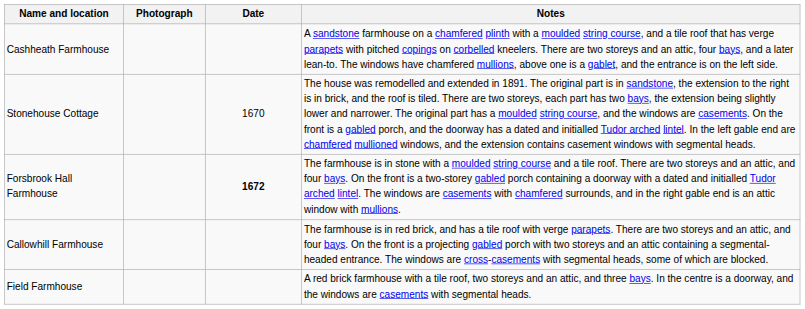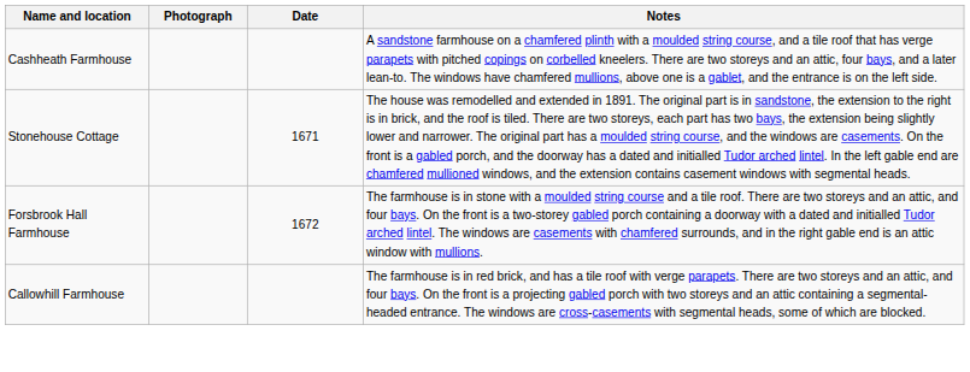 <table class="wikitable sortable plainrowheaders" style="width:100%;border:0px;text-align:left;line-height:150%;">
 <tr>
 <th scope="col"  style="width:150px">Name and location</th>
 <th scope="col"  style="width:100px" class="unsortable">Photograph</th>
 <th scope="col"  style="width:120px">Date</th>
 <th scope="col"  style="width:650px" class="unsortable">Notes</th>
 </tr>
 <tr>
 <td>Cashheath Farmhouse<br><small></small></td>
 <td></td>
 <td align="center"></td>
 <td>A <a href='#'>sandstone</a> farmhouse on a <a href='#'>chamfered</a> <a href='#'>plinth</a> with a <a href='#'>moulded</a> <a href='#'>string course</a>, and a tile roof that has verge <a href='#'>parapets</a> with pitched <a href='#'>copings</a> on <a href='#'>corbelled</a> kneelers.  There are two storeys and an attic, four <a href='#'>bays</a>, and a later lean-to.  The windows have chamfered <a href='#'>mullions</a>, above one is a <a href='#'>gablet</a>, and the entrance is on the left side.</td>
 </tr>
 <tr>
 <td>Stonehouse Cottage<br><small></small></td>
 <td></td>
-<td align="center">1670</td>
+<td align="center">1671</td>
 <td>The house was remodelled and extended in 1891.  The original part is in <a href='#'>sandstone</a>, the extension to the right is in brick, and the roof is tiled.  There are two storeys, each part has two <a href='#'>bays</a>, the extension being slightly lower and narrower.  The original part has a <a href='#'>moulded</a> <a href='#'>string course</a>, and the windows are <a href='#'>casements</a>.  On the front is a <a href='#'>gabled</a> porch, and the doorway has a dated and initialled <a href='#'>Tudor arched</a> <a href='#'>lintel</a>.  In the left gable end are <a href='#'>chamfered</a> <a href='#'>mullioned</a> windows, and the extension contains casement windows with segmental heads.</td>
 </tr>
 <tr>
 <td>Forsbrook Hall Farmhouse<br><small></small></td>
 <td></td>
-<td align="center"><strong>1672</strong></td>
+<td align="center">1672</td>
 <td>The farmhouse is in stone with a <a href='#'>moulded</a> <a href='#'>string course</a> and a tile roof.  There are two storeys and an attic, and four <a href='#'>bays</a>.  On the front is a two-storey <a href='#'>gabled</a> porch containing a doorway with a dated and initialled <a href='#'>Tudor arched</a> <a href='#'>lintel</a>.  The windows are <a href='#'>casements</a> with <a href='#'>chamfered</a> surrounds, and in the right gable end is an attic window with <a href='#'>mullions</a>.</td>
 </tr>
 <tr>
 <td>Callowhill Farmhouse<br><small></small></td>
 <td></td>
 <td align="center"></td>
 <td>The farmhouse is in red brick, and has a tile roof with verge <a href='#'>parapets</a>.  There are two storeys and an attic, and four <a href='#'>bays</a>.  On the front is a projecting <a href='#'>gabled</a> porch with two storeys and an attic containing a segmental-headed entrance.  The windows are <a href='#'>cross</a>-<a href='#'>casements</a> with segmental heads, some of which are blocked.</td>
 </tr>
 <tr>
-<td>Field Farmhouse<br><small></small></td>
-<td></td>
-<td align="center"></td>
-<td>A red brick farmhouse with a tile roof, two storeys and an attic, and three <a href='#'>bays</a>.  In the centre is a doorway, and the windows are <a href='#'>casements</a> with segmental heads.</td>
-</tr>
-<tr>
 </tr>
 </table>
